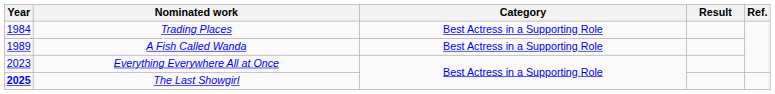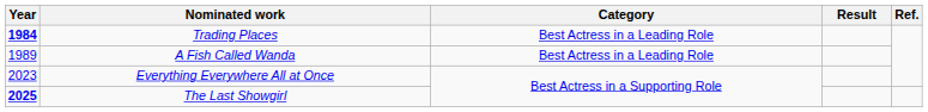 <table class="wikitable">
 <tr>
 <th scope="col" style="width:1em;">Year</th>
 <th scope="col" style="width:30em;">Nominated work</th>
 <th scope="col" style="width:30em;">Category</th>
 <th scope="col" style="width:5em;">Result</th>
 <th scope="col" style="width:1em;">Ref.</th>
 </tr>
 <tr>
-<td align="center"><a href='#'>1984</a></td>
+<td align="center"><strong><a href='#'>1984</a></strong></td>
 <td align="center"><em><a href='#'>Trading Places</a></em></td>
-<td align="center"><a href='#'>Best Actress in a Supporting Role</a></td>
+<td align="center"><a href='#'>Best Actress in a Leading Role</a></td>
 <td></td>
 <td rowspan="3" align="center"></td>
 </tr>
 <tr>
 <td align="center"><a href='#'>1989</a></td>
 <td align="center"><em><a href='#'>A Fish Called Wanda</a></em></td>
-<td align="center"><a href='#'>Best Actress in a Supporting Role</a></td>
+<td align="center"><a href='#'>Best Actress in a Leading Role</a></td>
 <td></td>
 </tr>
 <tr>
 <td align="center"><a href='#'>2023</a></td>
 <td align="center"><em><a href='#'>Everything Everywhere All at Once</a></em></td>
 <td rowspan="2" align="center"><a href='#'>Best Actress in a Supporting Role</a></td>
 <td></td>
 </tr>
 <tr>
 <td align="center"><strong><a href='#'>2025</a></strong></td>
 <td align="center"><em><a href='#'>The Last Showgirl</a></em></td>
 <td></td>
 <td style="text-align:center;"></td>
 </tr>
 </table>
